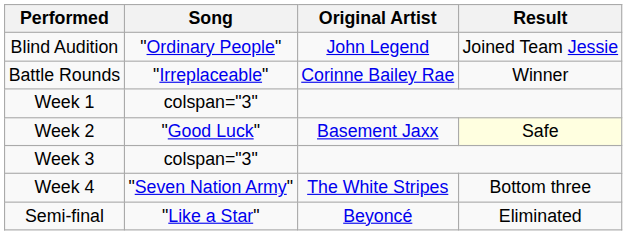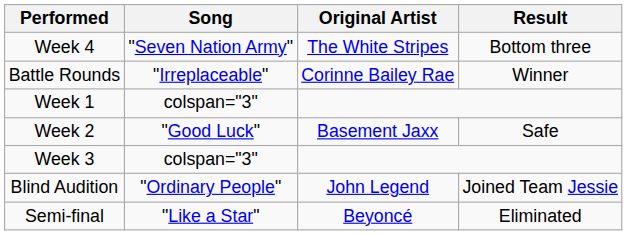 <table class="wikitable collapsible collapsed" style="text-align:center;">
 <tr>
 <th scope="col">Performed</th>
 <th scope="col">Song</th>
 <th scope="col">Original Artist</th>
 <th scope="col">Result</th>
 </tr>
 <tr>
-<td>Blind Audition</td>
-<td>"<a href='#'>Ordinary People</a>"</td>
-<td><a href='#'>John Legend</a></td>
-<td>Joined Team <a href='#'>Jessie</a></td>
+<td>Week 4</td>
+<td>"<a href='#'>Seven Nation Army</a>"</td>
+<td><a href='#'>The White Stripes</a></td>
+<td>Bottom three</td>
 </tr>
 <tr>
 <td>Battle Rounds</td>
 <td>"<a href='#'>Irreplaceable</a>" </td>
 <td><a href='#'>Corinne Bailey Rae</a></td>
 <td>Winner</td>
 </tr>
 <tr>
 <td>Week 1</td>
 <td>colspan="3" </td>
 </tr>
 <tr>
 <td>Week 2</td>
 <td>"<a href='#'>Good Luck</a>"</td>
 <td><a href='#'>Basement Jaxx</a></td>
-<td style="background: lightyellow;">Safe</td>
+<td>Safe</td>
 </tr>
 <tr>
 <td>Week 3</td>
 <td>colspan="3" </td>
 </tr>
 <tr>
-<td>Week 4</td>
-<td>"<a href='#'>Seven Nation Army</a>"</td>
-<td><a href='#'>The White Stripes</a></td>
-<td>Bottom three</td>
+<td>Blind Audition</td>
+<td>"<a href='#'>Ordinary People</a>"</td>
+<td><a href='#'>John Legend</a></td>
+<td>Joined Team <a href='#'>Jessie</a></td>
 </tr>
 <tr>
 <td>Semi-final</td>
 <td>"<a href='#'>Like a Star</a>"</td>
 <td><a href='#'>Beyoncé</a></td>
 <td>Eliminated</td>
 </tr>
 </table>
